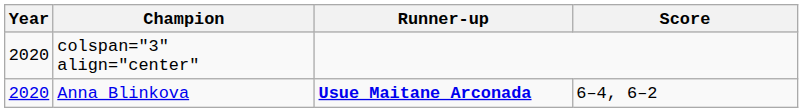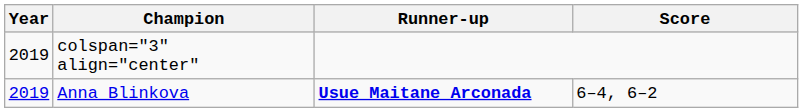 <table class="wikitable">
 <tr>
 <th>Year</th>
 <th width="200">Champion</th>
 <th width="200">Runner-up</th>
 <th width="175">Score</th>
 </tr>
 <tr>
-<td>2020</td>
+<td>2019</td>
 <td>colspan="3" align="center" </td>
 </tr>
 <tr>
-<td><a href='#'>2020</a></td>
+<td><a href='#'>2019</a></td>
 <td> <a href='#'>Anna Blinkova</a></td>
 <td><strong> <a href='#'>Usue Maitane Arconada</a></strong></td>
 <td>6–4, 6–2</td>
 </tr>
 </table>
